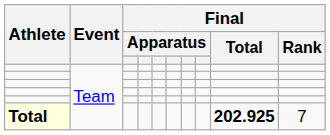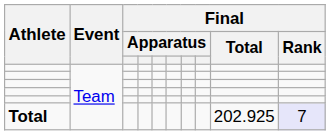 <table class="wikitable" style="font-size:90%">
 <tr>
 <th rowspan=3>Athlete</th>
 <th rowspan=3>Event</th>
 <th colspan =8>Final</th>
 </tr>
 <tr style="font-size:95%">
 <th colspan=6>Apparatus</th>
 <th rowspan=2>Total</th>
 <th rowspan=2>Rank</th>
 </tr>
 <tr style="font-size:95%">
 <th></th>
 <th></th>
 <th></th>
 <th></th>
 <th></th>
 <th></th>
 </tr>
 <tr align=center>
 <td align=left></td>
 <td style="text-align:left;" rowspan="6"><a href='#'>Team</a></td>
 <td></td>
 <td></td>
 <td></td>
 <td></td>
 <td></td>
 <td></td>
 <td></td>
 <td></td>
 </tr>
 <tr align=center>
 <td align=left></td>
 <td></td>
 <td></td>
 <td></td>
 <td></td>
 <td></td>
 <td></td>
 <td></td>
 <td></td>
 </tr>
 <tr align=center>
 <td align=left></td>
 <td></td>
 <td></td>
 <td></td>
 <td></td>
 <td></td>
 <td></td>
 <td></td>
 <td></td>
 </tr>
 <tr align=center>
 <td align=left></td>
 <td></td>
 <td></td>
 <td></td>
 <td></td>
 <td></td>
 <td></td>
 <td></td>
 <td></td>
 </tr>
 <tr align=center>
 <td align=left></td>
 <td></td>
 <td></td>
 <td></td>
 <td></td>
 <td></td>
 <td></td>
 <td></td>
 <td></td>
 </tr>
 <tr align=center>
-<td align=left style="background: lightyellow;"><strong>Total</strong></td>
+<td align=left><strong>Total</strong></td>
 <td></td>
 <td></td>
 <td></td>
 <td></td>
 <td></td>
 <td></td>
-<td><strong>202.925</strong></td>
-<td>7</td>
+<td>202.925</td>
+<td style="background: lavender;">7</td>
 </tr>
 </table>
